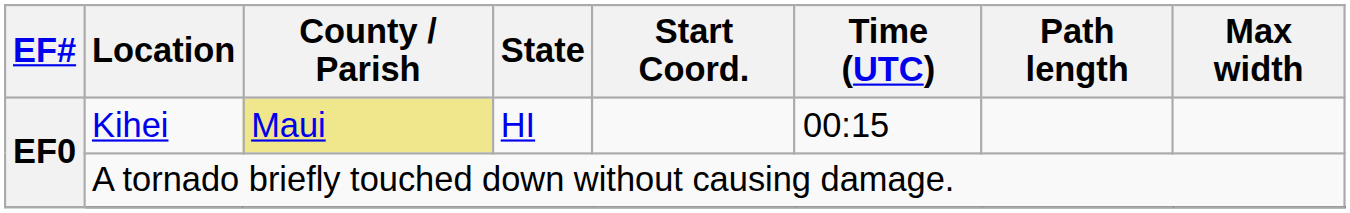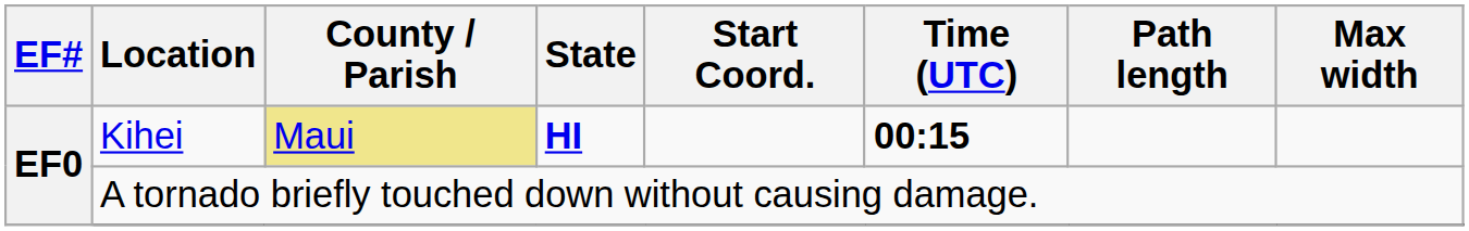 <table class="wikitable sortable" style="width:100%;">
 <tr>
 <th scope="col" width="2%" align="center"><a href='#'>EF#</a></th>
 <th scope="col" align="center" class="unsortable">Location</th>
 <th scope="col" align="center" class="unsortable">County / Parish</th>
 <th scope="col" align="center">State</th>
 <th scope="col" align="center">Start Coord.</th>
 <th scope="col" align="center">Time (<a href='#'>UTC</a>)</th>
 <th scope="col" align="center">Path length</th>
 <th scope="col" align="center">Max width</th>
 </tr>
 <tr>
 <th scope="row" rowspan="2" style="background-color:#">EF0</th>
 <td><a href='#'>Kihei</a></td>
 <td style="background: khaki;"><a href='#'>Maui</a></td>
-<td><a href='#'>HI</a></td>
+<td><strong><a href='#'>HI</a></strong></td>
 <td></td>
-<td>00:15</td>
+<td><strong>00:15</strong></td>
 <td></td>
 <td></td>
 </tr>
 <tr class="expand-child">
 <td colspan="8" style=" border-bottom: 1px solid black;">A tornado briefly touched down without causing damage.</td>
 </tr>
 <tr>
 </tr>
 </table>
